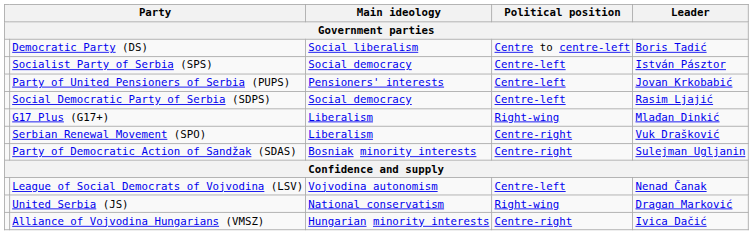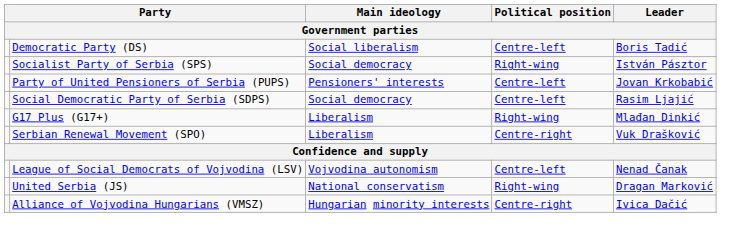 <table class="wikitable" style="font-size:95%">
 <tr>
 <th colspan="2">Party</th>
 <th>Main ideology</th>
 <th>Political position</th>
 <th>Leader</th>
 </tr>
 <tr>
 <th colspan="5">Government parties</th>
 </tr>
 <tr>
 <td style="background:"></td>
 <td><a href='#'>Democratic Party</a> (DS)</td>
 <td><a href='#'>Social liberalism</a></td>
-<td><a href='#'>Centre</a> to <a href='#'>centre-left</a></td>
+<td><a href='#'>Centre-left</a></td>
 <td><a href='#'>Boris Tadić</a></td>
 </tr>
 <tr>
 <td style="background:"></td>
 <td><a href='#'>Socialist Party of Serbia</a> (SPS)</td>
 <td><a href='#'>Social democracy</a></td>
-<td><a href='#'>Centre-left</a></td>
+<td><a href='#'>Right-wing</a></td>
 <td><a href='#'>István Pásztor</a></td>
 </tr>
 <tr>
 <td style="background:"></td>
 <td><a href='#'>Party of United Pensioners of Serbia</a> (PUPS)</td>
 <td><a href='#'>Pensioners' interests</a></td>
 <td><a href='#'>Centre-left</a></td>
 <td><a href='#'>Jovan Krkobabić</a></td>
 </tr>
 <tr>
 <td style="background:"></td>
 <td><a href='#'>Social Democratic Party of Serbia</a> (SDPS)</td>
 <td><a href='#'>Social democracy</a></td>
 <td><a href='#'>Centre-left</a></td>
 <td><a href='#'>Rasim Ljajić</a></td>
 </tr>
 <tr>
 <td style="background:"></td>
 <td><a href='#'>G17 Plus</a> (G17+)</td>
 <td><a href='#'>Liberalism</a></td>
 <td><a href='#'>Right-wing</a></td>
 <td><a href='#'>Mlađan Dinkić</a></td>
 </tr>
 <tr>
 <td style="background:"></td>
 <td><a href='#'>Serbian Renewal Movement</a> (SPO)</td>
 <td><a href='#'>Liberalism</a></td>
 <td><a href='#'>Centre-right</a></td>
 <td><a href='#'>Vuk Drašković</a></td>
 </tr>
 <tr>
-<td style="background:"></td>
-<td><a href='#'>Party of Democratic Action of Sandžak</a> (SDAS)</td>
-<td><a href='#'>Bosniak</a> <a href='#'>minority interests</a></td>
-<td><a href='#'>Centre-right</a></td>
-<td><a href='#'>Sulejman Ugljanin</a></td>
-</tr>
-<tr>
 <th colspan="5">Confidence and supply</th>
 </tr>
 <tr>
 <td style="background:"></td>
 <td><a href='#'>League of Social Democrats of Vojvodina</a> (LSV)</td>
 <td><a href='#'>Vojvodina autonomism</a></td>
 <td><a href='#'>Centre-left</a></td>
 <td><a href='#'>Nenad Čanak</a></td>
 </tr>
 <tr>
 <td style="background:"></td>
 <td><a href='#'>United Serbia</a> (JS)</td>
 <td><a href='#'>National conservatism</a></td>
 <td><a href='#'>Right-wing</a></td>
 <td><a href='#'>Dragan Marković</a></td>
 </tr>
 <tr>
 <td style="background:"></td>
 <td><a href='#'>Alliance of Vojvodina Hungarians</a> (VMSZ)</td>
 <td><a href='#'>Hungarian</a> <a href='#'>minority interests</a></td>
 <td><a href='#'>Centre-right</a></td>
 <td><a href='#'>Ivica Dačić</a></td>
 </tr>
 </table>
